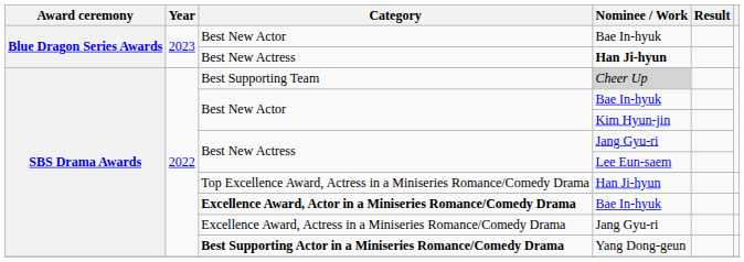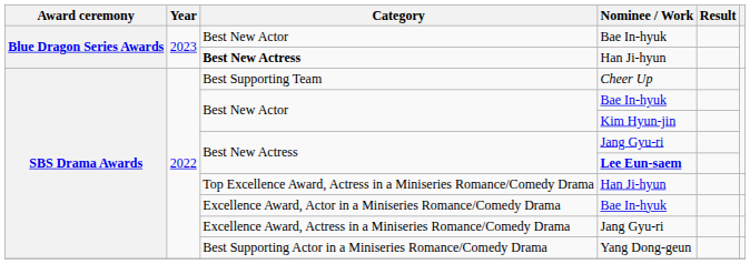 <table class="wikitable plainrowheaders sortable">
 <tr>
 <th scope="col">Award ceremony</th>
 <th scope="col">Year</th>
 <th scope="col">Category</th>
 <th scope="col">Nominee / Work</th>
 <th scope="col">Result</th>
 <th scope="col" class="unsortable"></th>
 </tr>
 <tr>
 <th scope="row"  rowspan="2"><a href='#'>Blue Dragon Series Awards</a></th>
 <td style="text-align:center" rowspan="2"><a href='#'>2023</a></td>
 <td>Best New Actor</td>
 <td>Bae In-hyuk</td>
 <td></td>
 <td rowspan="2" style="text-align:center"></td>
 </tr>
 <tr>
-<td>Best New Actress</td>
-<td><strong>Han Ji-hyun</strong></td>
+<td><strong>Best New Actress</strong></td>
+<td>Han Ji-hyun</td>
 <td></td>
 </tr>
 <tr>
 <th scope="row"  rowspan="9"><a href='#'>SBS Drama Awards</a></th>
 <td style="text-align:center" rowspan="9"><a href='#'>2022</a></td>
 <td>Best Supporting Team</td>
-<td style="background: lightgrey;"><em>Cheer Up</em></td>
+<td><em>Cheer Up</em></td>
 <td></td>
 <td style="text-align:center" rowspan="5"></td>
 </tr>
 <tr>
 <td rowspan="2">Best New Actor</td>
 <td><a href='#'>Bae In-hyuk</a></td>
 <td></td>
 </tr>
 <tr>
 <td><a href='#'>Kim Hyun-jin</a></td>
 <td></td>
 </tr>
 <tr>
 <td rowspan="2">Best New Actress</td>
 <td><a href='#'>Jang Gyu-ri</a></td>
 <td></td>
 </tr>
 <tr>
-<td><a href='#'>Lee Eun-saem</a></td>
+<td><strong><a href='#'>Lee Eun-saem</a></strong></td>
 <td></td>
 </tr>
 <tr>
 <td>Top Excellence Award, Actress in a Miniseries Romance/Comedy Drama</td>
 <td><a href='#'>Han Ji-hyun</a></td>
 <td></td>
 <td style="text-align:center"></td>
 </tr>
 <tr>
-<td><strong>Excellence Award, Actor in a Miniseries Romance/Comedy Drama</strong></td>
+<td>Excellence Award, Actor in a Miniseries Romance/Comedy Drama</td>
 <td><a href='#'>Bae In-hyuk</a></td>
 <td></td>
 <td style="text-align:center"></td>
 </tr>
 <tr>
 <td>Excellence Award, Actress in a Miniseries Romance/Comedy Drama</td>
 <td>Jang Gyu-ri</td>
 <td></td>
 <td style="text-align:center"></td>
 </tr>
 <tr>
-<td><strong>Best Supporting Actor in a Miniseries Romance/Comedy Drama</strong></td>
+<td>Best Supporting Actor in a Miniseries Romance/Comedy Drama</td>
 <td>Yang Dong-geun</td>
 <td></td>
 <td style="text-align:center"></td>
 </tr>
 <tr>
 </tr>
 </table>
